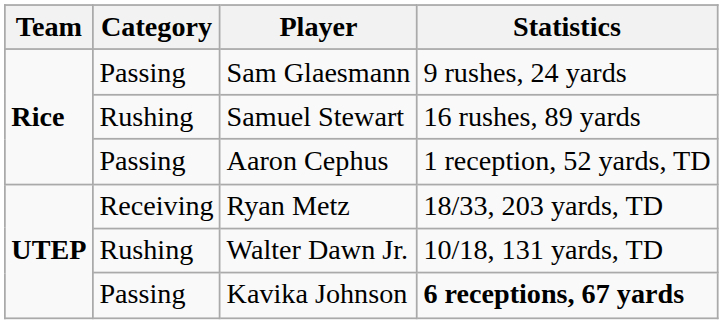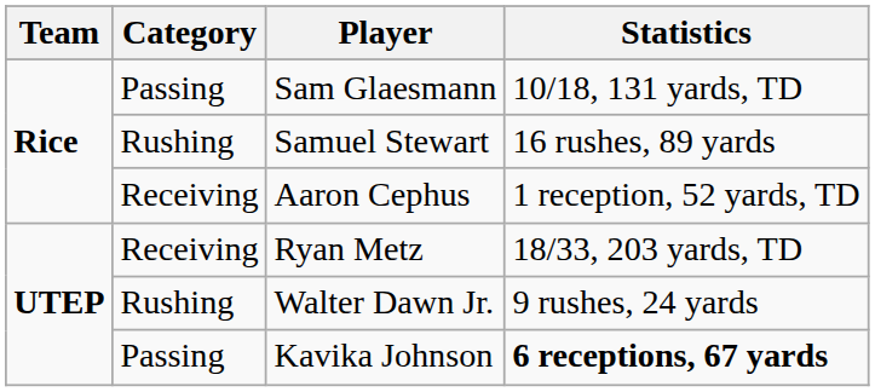 <table class="wikitable" style="float: left;">
 <tr>
 <th>Team</th>
 <th>Category</th>
 <th>Player</th>
 <th>Statistics</th>
 </tr>
 <tr>
 <td rowspan=3><strong>Rice</strong></td>
 <td>Passing</td>
 <td>Sam Glaesmann</td>
-<td>9 rushes, 24 yards</td>
+<td>10/18, 131 yards, TD</td>
 </tr>
 <tr>
 <td>Rushing</td>
 <td>Samuel Stewart</td>
 <td>16 rushes, 89 yards</td>
 </tr>
 <tr>
-<td>Passing</td>
+<td>Receiving</td>
 <td>Aaron Cephus</td>
 <td>1 reception, 52 yards, TD</td>
 </tr>
 <tr>
 <td rowspan=3><strong>UTEP</strong></td>
 <td>Receiving</td>
 <td>Ryan Metz</td>
 <td>18/33, 203 yards, TD</td>
 </tr>
 <tr>
 <td>Rushing</td>
 <td>Walter Dawn Jr.</td>
-<td>10/18, 131 yards, TD</td>
+<td>9 rushes, 24 yards</td>
 </tr>
 <tr>
 <td>Passing</td>
 <td>Kavika Johnson</td>
 <td><strong>6 receptions, 67 yards</strong></td>
 </tr>
 </table>
